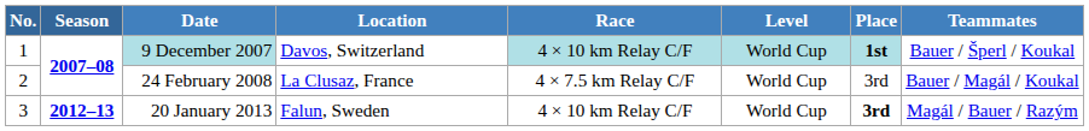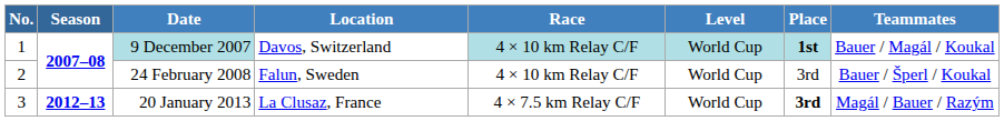 <table class="wikitable sortable" style="font-size:95%; text-align:center; border:grey solid 1px; border-collapse:collapse; background:#ffffff;">
 <tr style="background:#efefef;">
 <th style="background-color:#369; color:white;">No.</th>
 <th style="background-color:#369; color:white;">Season</th>
 <th style="background-color:#4180be; color:white; width:120px;">Date</th>
 <th style="background-color:#4180be; color:white; width:185px;">Location</th>
 <th style="background-color:#4180be; color:white; width:170px;">Race</th>
 <th style="background-color:#4180be; color:white; width:100px;">Level</th>
 <th style="background-color:#4180be; color:white;">Place</th>
 <th style="background-color:#4180be; color:white;">Teammates</th>
 </tr>
 <tr>
 <td align=center>1</td>
 <td rowspan=2 align=center><strong><a href='#'>2007–08</a></strong></td>
 <td bgcolor="#BOEOE6" align=right>9 December 2007</td>
 <td align=left> <a href='#'>Davos</a>, Switzerland</td>
 <td bgcolor="#BOEOE6">4 × 10 km Relay C/F</td>
 <td bgcolor="#BOEOE6">World Cup</td>
 <td bgcolor="#BOEOE6"><strong>1st</strong></td>
-<td><a href='#'>Bauer</a> / <a href='#'>Šperl</a> / <a href='#'>Koukal</a></td>
+<td><a href='#'>Bauer</a> / <a href='#'>Magál</a> / <a href='#'>Koukal</a></td>
 </tr>
 <tr>
 <td align=center>2</td>
 <td align=right>24 February 2008</td>
-<td align=left> <a href='#'>La Clusaz</a>, France</td>
-<td>4 × 7.5 km Relay C/F</td>
+<td align=left> <a href='#'>Falun</a>, Sweden</td>
+<td>4 × 10 km Relay C/F</td>
 <td>World Cup</td>
 <td>3rd</td>
-<td><a href='#'>Bauer</a> / <a href='#'>Magál</a> / <a href='#'>Koukal</a></td>
+<td><a href='#'>Bauer</a> / <a href='#'>Šperl</a> / <a href='#'>Koukal</a></td>
 </tr>
 <tr>
 <td align=center>3</td>
 <td rowspan=1 align=center><strong> <a href='#'>2012–13</a> </strong></td>
 <td align=right>20 January 2013</td>
-<td align=left> <a href='#'>Falun</a>, Sweden</td>
-<td>4 × 10 km Relay C/F</td>
+<td align=left> <a href='#'>La Clusaz</a>, France</td>
+<td>4 × 7.5 km Relay C/F</td>
 <td>World Cup</td>
 <td><strong>3rd</strong></td>
 <td><a href='#'>Magál</a> / <a href='#'>Bauer</a> / <a href='#'>Razým</a></td>
 </tr>
 </table>
